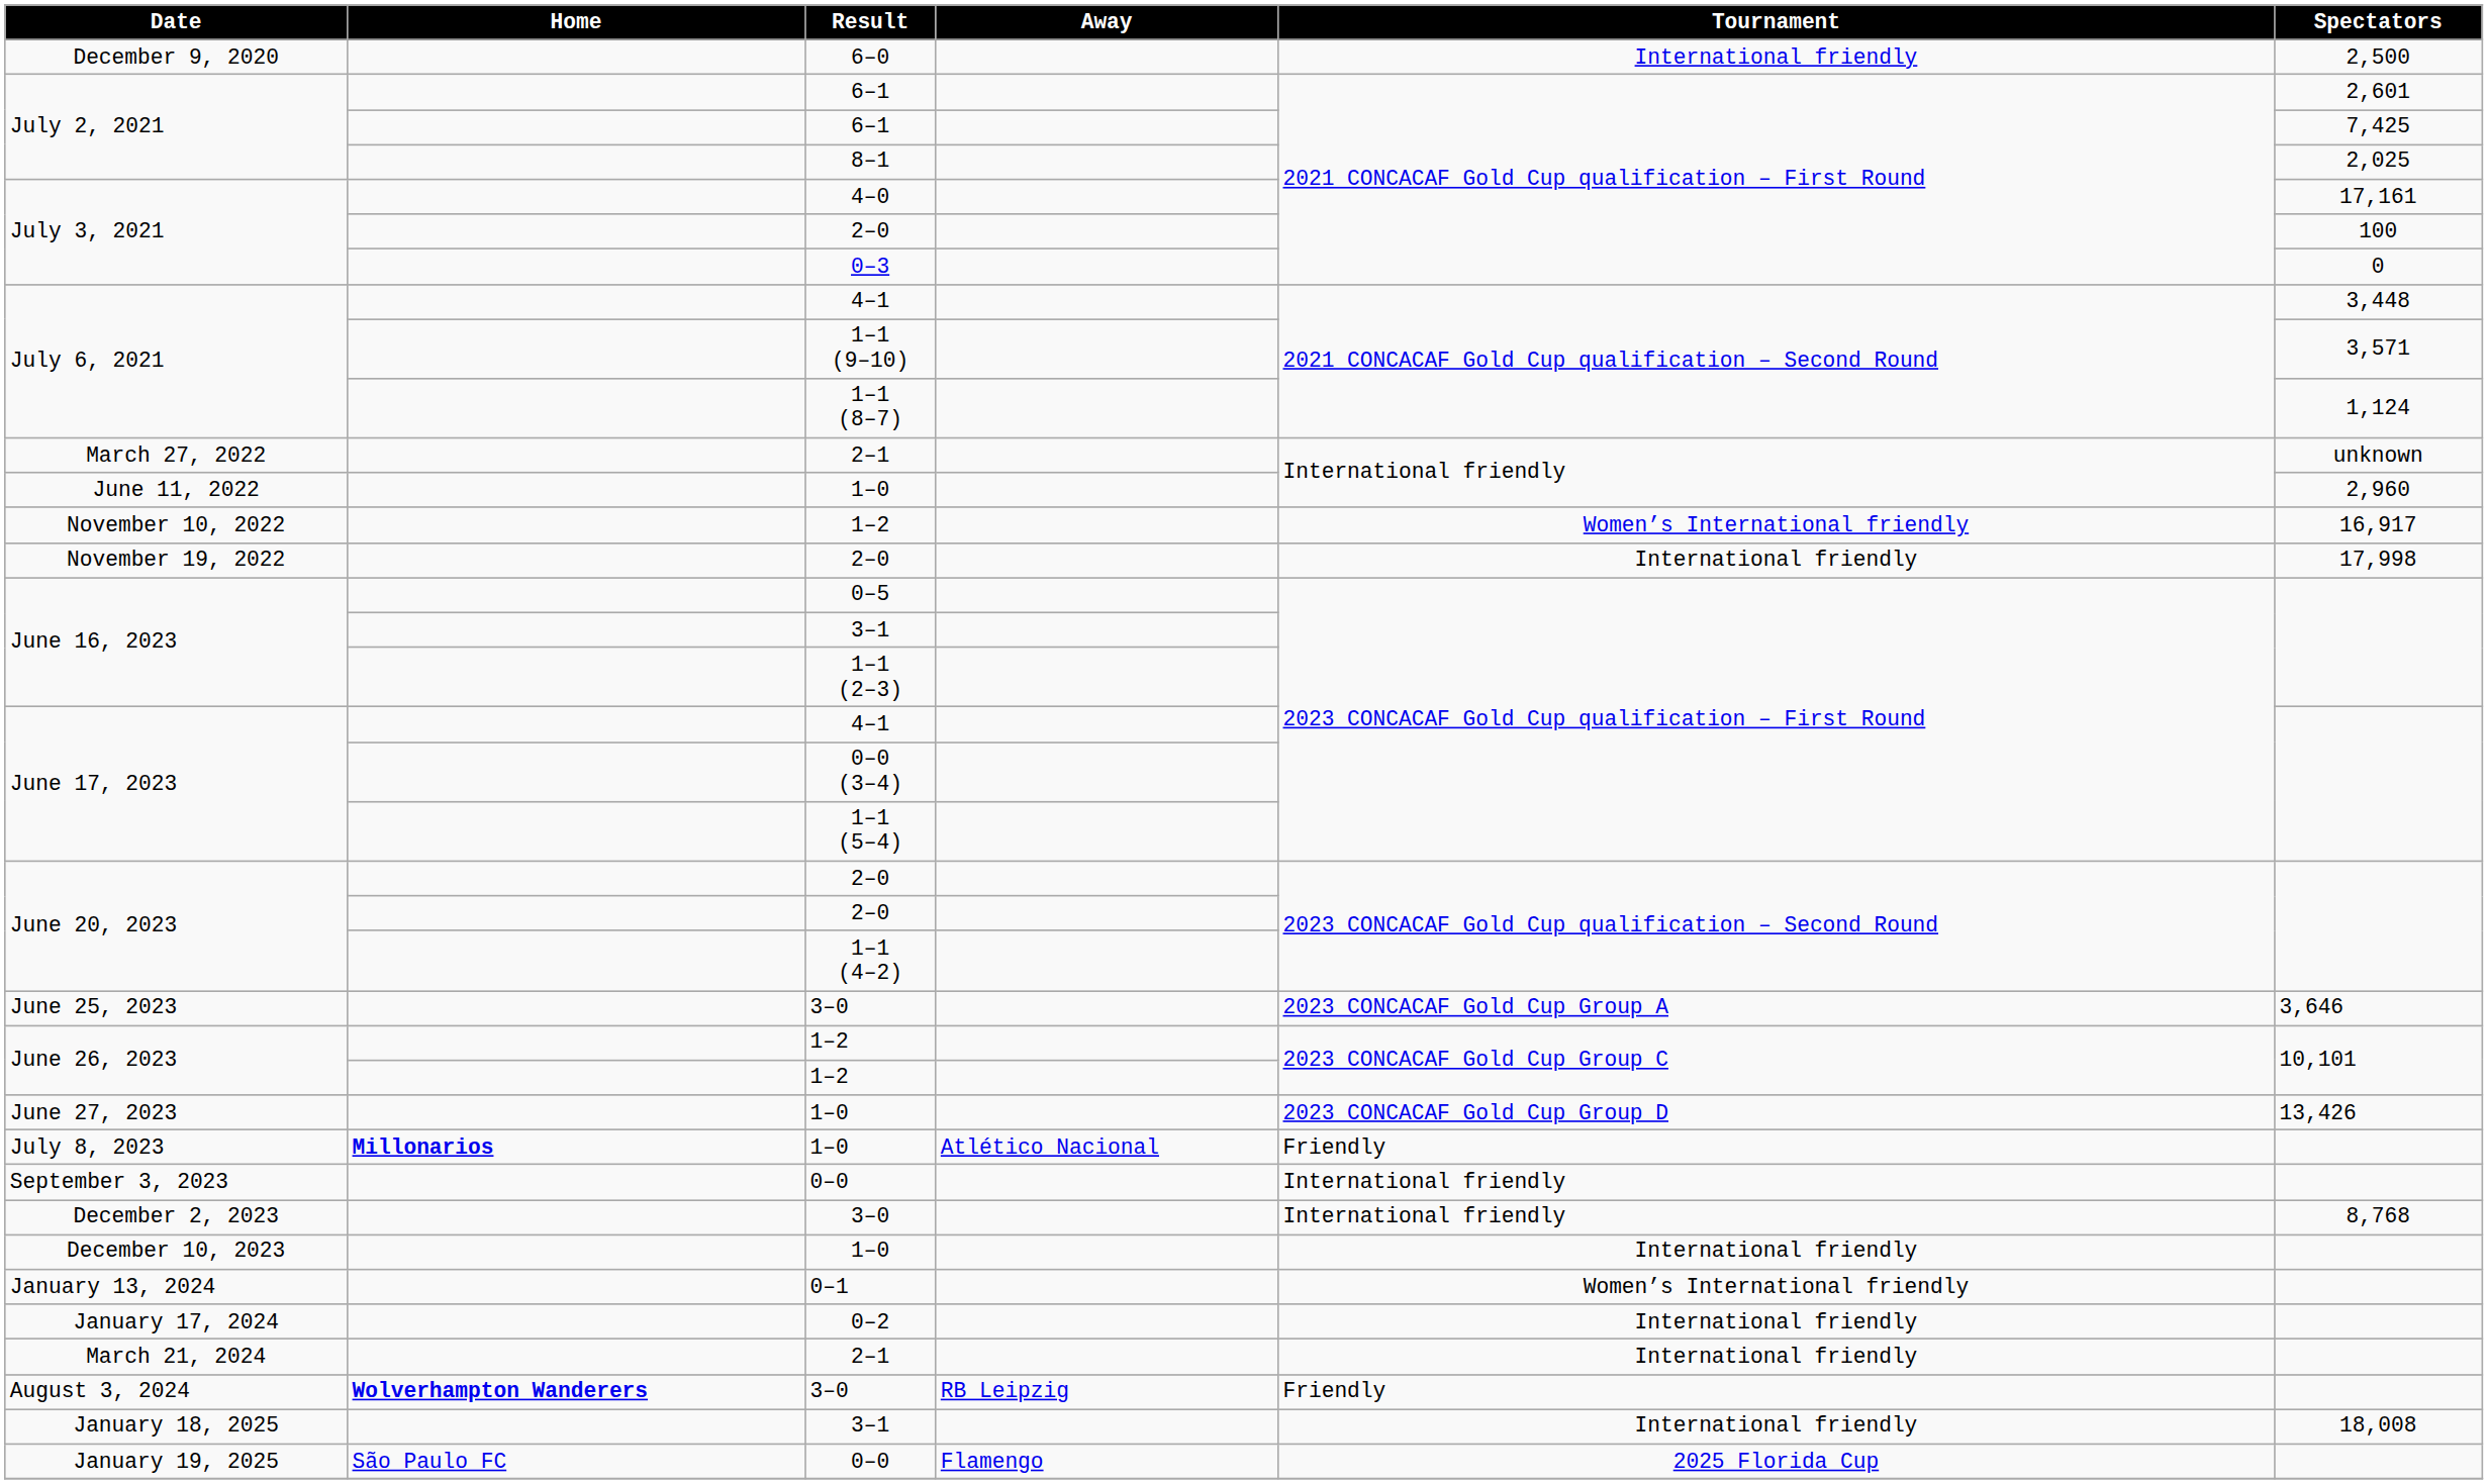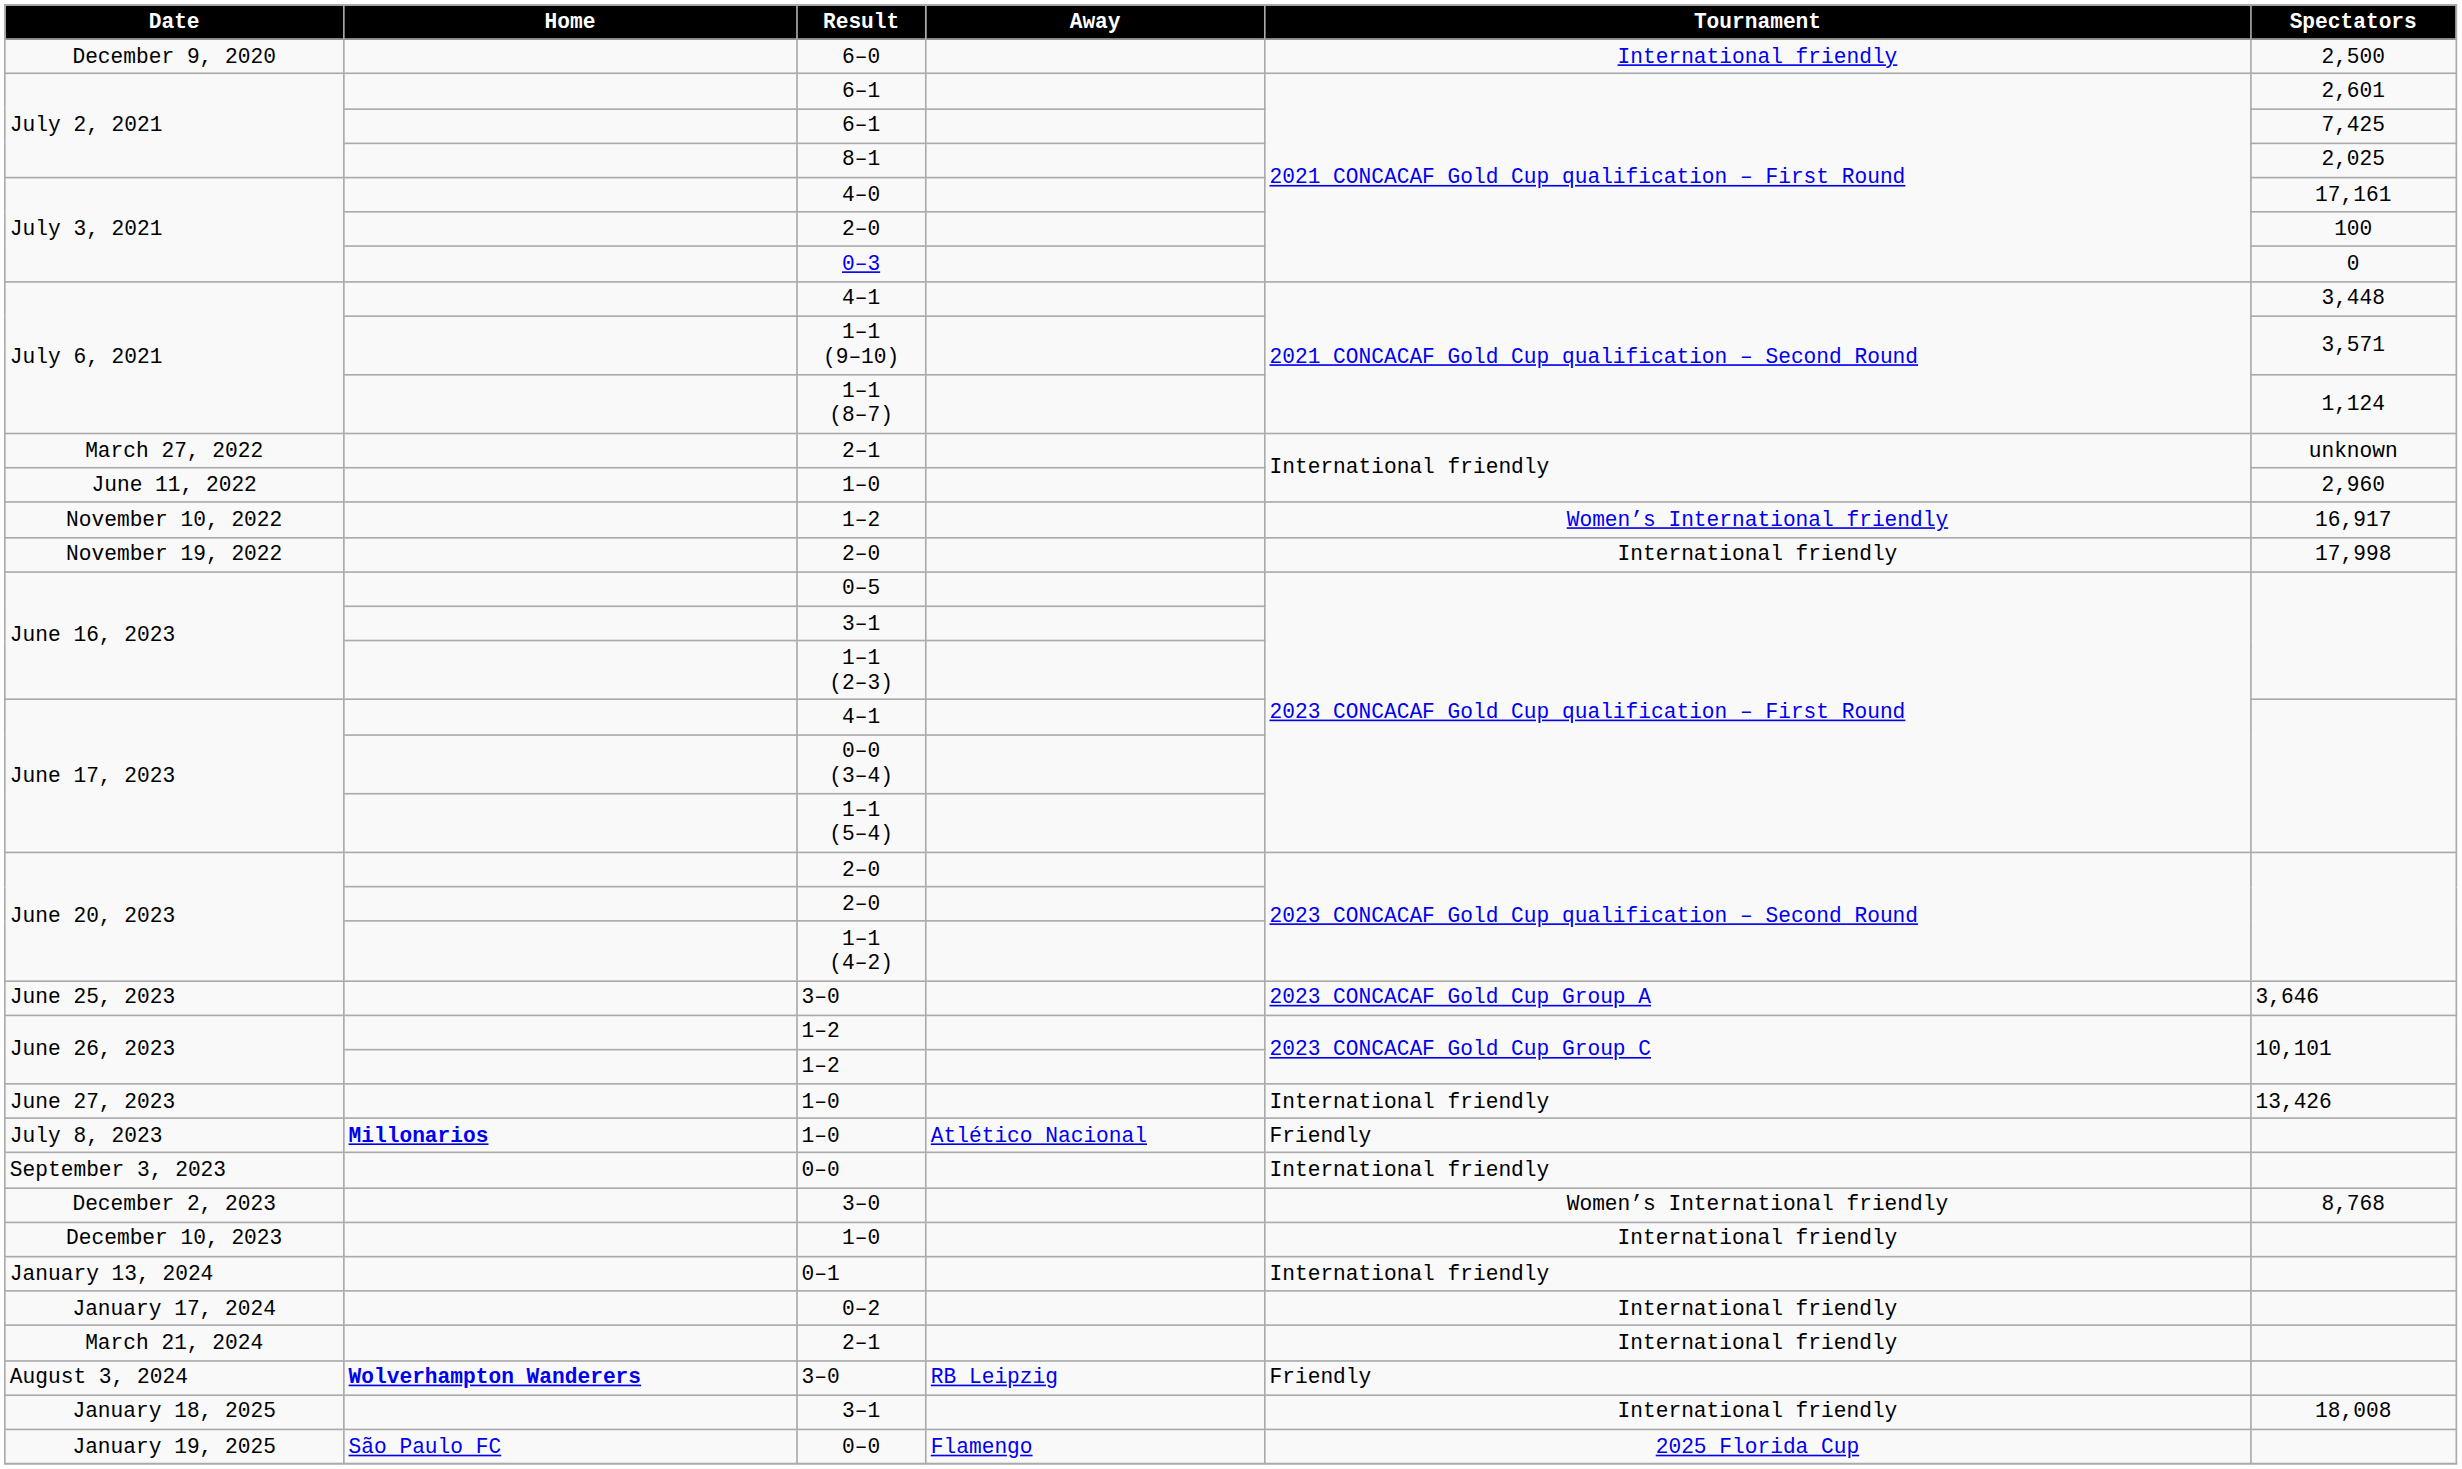 <table class="wikitable" style="text-align:left; width:95%;" style="text-align:center">
 <tr>
 <th style="text-align:center; background:#000000; color:#FFFFFF; ">Date</th>
 <th style="text-align:center; background:#000000; color:#FFFFFF; ">Home</th>
 <th style="text-align:center; background:#000000; color:#FFFFFF; ">Result</th>
 <th style="text-align:center;background:#000000; color:#FFFFFF; ">Away</th>
 <th style="text-align:center; background:#000000; color:#FFFFFF; ">Tournament</th>
 <th style="text-align:center; background:#000000; color:#FFFFFF; ">Spectators</th>
 </tr>
 <tr>
 <td style="text-align:center;">December 9, 2020</td>
 <td align=left><strong></strong></td>
 <td style="text-align:center;">6–0</td>
 <td align=left></td>
 <td style="text-align:center;"><a href='#'>International friendly</a></td>
 <td style="text-align:center;">2,500</td>
 </tr>
 <tr>
 <td rowspan="3">July 2, 2021</td>
 <td align=left><strong></strong></td>
 <td style="text-align:center;">6–1</td>
 <td align=left></td>
 <td rowspan="6"><a href='#'>2021 CONCACAF Gold Cup qualification – First Round</a></td>
 <td style="text-align:center;">2,601</td>
 </tr>
 <tr>
 <td align=left><strong></strong></td>
 <td style="text-align:center;">6–1</td>
 <td align=left></td>
 <td style="text-align:center;">7,425</td>
 </tr>
 <tr>
 <td align=left><strong></strong></td>
 <td style="text-align:center;">8–1</td>
 <td align=left></td>
 <td style="text-align:center;">2,025</td>
 </tr>
 <tr>
 <td rowspan="3">July 3, 2021</td>
 <td align=left><strong></strong></td>
 <td style="text-align:center;">4–0</td>
 <td align=left></td>
 <td style="text-align:center;">17,161</td>
 </tr>
 <tr>
 <td align=left><strong></strong></td>
 <td style="text-align:center;">2–0</td>
 <td align=left></td>
 <td style="text-align:center;">100</td>
 </tr>
 <tr>
 <td align=left></td>
 <td style="text-align:center;"><a href='#'>0–3</a></td>
 <td align=left><strong></strong></td>
 <td style="text-align:center;">0</td>
 </tr>
 <tr>
 <td rowspan="3">July 6, 2021</td>
 <td align=left><strong></strong></td>
 <td style="text-align:center;">4–1</td>
 <td align=left></td>
 <td rowspan="3"><a href='#'>2021 CONCACAF Gold Cup qualification – Second Round</a></td>
 <td style="text-align:center;">3,448</td>
 </tr>
 <tr>
 <td align=left></td>
 <td style="text-align:center;">1–1<br>(9–10)</td>
 <td align=left><strong></strong></td>
 <td style="text-align:center;">3,571</td>
 </tr>
 <tr>
 <td align=left><strong></strong></td>
 <td style="text-align:center;">1–1<br>(8–7)</td>
 <td align=left></td>
 <td style="text-align:center;">1,124</td>
 </tr>
 <tr>
 <td style="text-align:center;">March 27, 2022</td>
 <td align=left><strong></strong></td>
 <td style="text-align:center;">2–1</td>
 <td align=left></td>
 <td rowspan="2">International friendly</td>
 <td style="text-align:center;">unknown</td>
 </tr>
 <tr>
 <td style="text-align:center;">June 11, 2022</td>
 <td align=left><strong></strong></td>
 <td style="text-align:center;">1–0</td>
 <td align=left></td>
 <td style="text-align:center;">2,960</td>
 </tr>
 <tr>
 <td style="text-align:center;">November 10, 2022</td>
 <td align=left></td>
 <td style="text-align:center;">1–2</td>
 <td align=left><strong></strong></td>
 <td style="text-align:center;"><a href='#'> Women’s International friendly</a></td>
 <td style="text-align:center;">16,917</td>
 </tr>
 <tr>
 <td style="text-align:center;">November 19, 2022</td>
 <td align=left><strong></strong></td>
 <td style="text-align:center;">2–0</td>
 <td align=left></td>
 <td style="text-align:center;">International friendly</td>
 <td style="text-align:center;">17,998</td>
 </tr>
 <tr>
 <td rowspan="3">June 16, 2023</td>
 <td align=left></td>
 <td style="text-align:center;">0–5</td>
 <td align=left><strong></strong></td>
 <td rowspan="6"><a href='#'>2023 CONCACAF Gold Cup qualification – First Round</a></td>
 <td rowspan="3" style="text-align:center;"></td>
 </tr>
 <tr>
 <td align=left><strong></strong></td>
 <td style="text-align:center;">3–1</td>
 <td align=left></td>
 </tr>
 <tr>
 <td align=left></td>
 <td style="text-align:center;">1–1<br>(2–3)</td>
 <td align=left><strong></strong></td>
 </tr>
 <tr>
 <td rowspan="3">June 17, 2023</td>
 <td align=left><strong></strong></td>
 <td style="text-align:center;">4–1</td>
 <td align=left></td>
 <td rowspan="3" style="text-align:center;"></td>
 </tr>
 <tr>
 <td align=left></td>
 <td style="text-align:center;">0–0<br>(3–4)</td>
 <td align=left><strong></strong></td>
 </tr>
 <tr>
 <td align=left><strong></strong></td>
 <td style="text-align:center;">1–1<br>(5–4)</td>
 <td align=left></td>
 </tr>
 <tr>
 <td rowspan="3">June 20, 2023</td>
 <td align=left><strong></strong></td>
 <td style="text-align:center;">2–0</td>
 <td align=left></td>
 <td rowspan="3"><a href='#'>2023 CONCACAF Gold Cup qualification – Second Round</a></td>
 <td rowspan="3" style="text-align:center;"></td>
 </tr>
 <tr>
 <td align=left><strong></strong></td>
 <td style="text-align:center;">2–0</td>
 <td align=left></td>
 </tr>
 <tr>
 <td align=left><strong></strong></td>
 <td style="text-align:center;">1–1<br>(4–2)</td>
 <td align=left></td>
 </tr>
 <tr>
 <td>June 25, 2023</td>
 <td align=left><strong></strong></td>
 <td>3–0</td>
 <td align=left></td>
 <td><a href='#'>2023 CONCACAF Gold Cup Group A</a></td>
 <td>3,646</td>
 </tr>
 <tr>
 <td rowspan=2>June 26, 2023</td>
 <td align=left></td>
 <td>1–2</td>
 <td align=left><strong></strong></td>
 <td rowspan=2><a href='#'>2023 CONCACAF Gold Cup Group C</a></td>
 <td rowspan=2>10,101</td>
 </tr>
 <tr>
 <td align=left></td>
 <td>1–2</td>
 <td align=left><strong></strong></td>
 </tr>
 <tr>
 <td>June 27, 2023</td>
 <td align=left><strong></strong></td>
 <td>1–0</td>
 <td align=left></td>
-<td><a href='#'>2023 CONCACAF Gold Cup Group D</a></td>
+<td>International friendly</td>
 <td>13,426</td>
 </tr>
 <tr>
 <td>July 8, 2023</td>
 <td align=left> <strong><a href='#'>Millonarios</a></strong></td>
 <td>1–0</td>
 <td align=left> <a href='#'>Atlético Nacional</a></td>
 <td>Friendly</td>
 <td></td>
 </tr>
 <tr>
 <td>September 3, 2023</td>
 <td align=left><strong></strong></td>
 <td>0–0</td>
 <td align=left><strong></strong></td>
 <td>International friendly</td>
 <td></td>
 </tr>
 <tr>
 <td style="text-align:center;">December 2, 2023</td>
 <td align=left><strong></strong></td>
 <td style="text-align:center;">3–0</td>
 <td align=left></td>
-<td>International friendly</td>
+<td style="text-align:center;">Women’s International friendly</td>
 <td style="text-align:center;">8,768</td>
 </tr>
 <tr>
 <td style="text-align:center;">December 10, 2023</td>
 <td align=left><strong></strong></td>
 <td style="text-align:center;">1–0</td>
 <td align=left></td>
 <td style="text-align:center;">International friendly</td>
 <td style="text-align:center;"></td>
 </tr>
 <tr>
 <td>January 13, 2024</td>
 <td align="left"></td>
 <td>0–1</td>
 <td align="left"><strong></strong></td>
-<td style="text-align:center;">Women’s International friendly</td>
+<td>International friendly</td>
 <td></td>
 </tr>
 <tr>
 <td style="text-align:center;">January 17, 2024</td>
 <td align="left"></td>
 <td style="text-align:center;">0–2</td>
 <td align="left"><strong></strong></td>
 <td style="text-align:center;">International friendly</td>
 <td style="text-align:center;"></td>
 </tr>
 <tr>
 <td style="text-align:center;">March 21, 2024</td>
 <td align=left><strong></strong></td>
 <td style="text-align:center;">2–1</td>
 <td align=left></td>
 <td style="text-align:center;">International friendly</td>
 <td style="text-align:center;"></td>
 </tr>
 <tr>
 <td>August 3, 2024</td>
 <td align=left><strong> <a href='#'>Wolverhampton Wanderers</a></strong></td>
 <td>3–0</td>
 <td align=left> <a href='#'>RB Leipzig</a></td>
 <td>Friendly</td>
 <td></td>
 </tr>
 <tr>
 <td style="text-align:center;">January 18, 2025</td>
 <td align=left><strong></strong></td>
 <td style="text-align:center;">3–1</td>
 <td align=left></td>
 <td style="text-align:center;">International friendly</td>
 <td style="text-align:center;">18,008</td>
 </tr>
 <tr>
 <td style="text-align:center;">January 19, 2025</td>
 <td align=left> <a href='#'>São Paulo FC</a></td>
 <td style="text-align:center;">0–0</td>
 <td align=left> <a href='#'>Flamengo</a></td>
 <td style="text-align:center;"><a href='#'>2025 Florida Cup</a></td>
 <td style="text-align:center;"></td>
 </tr>
 <tr>
 </tr>
 </table>
